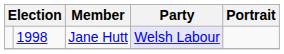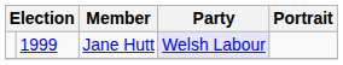 <table class="wikitable">
 <tr>
 <th colspan="2">Election</th>
 <th>Member</th>
 <th>Party</th>
 <th>Portrait</th>
 </tr>
 <tr>
 <td style="background-color: "></td>
-<td><a href='#'>1998</a></td>
+<td><a href='#'>1999</a></td>
 <td><a href='#'>Jane Hutt</a></td>
 <td style="background: lavender;"><a href='#'>Welsh Labour</a></td>
 <td></td>
 </tr>
 <tr>
 </tr>
 </table>
